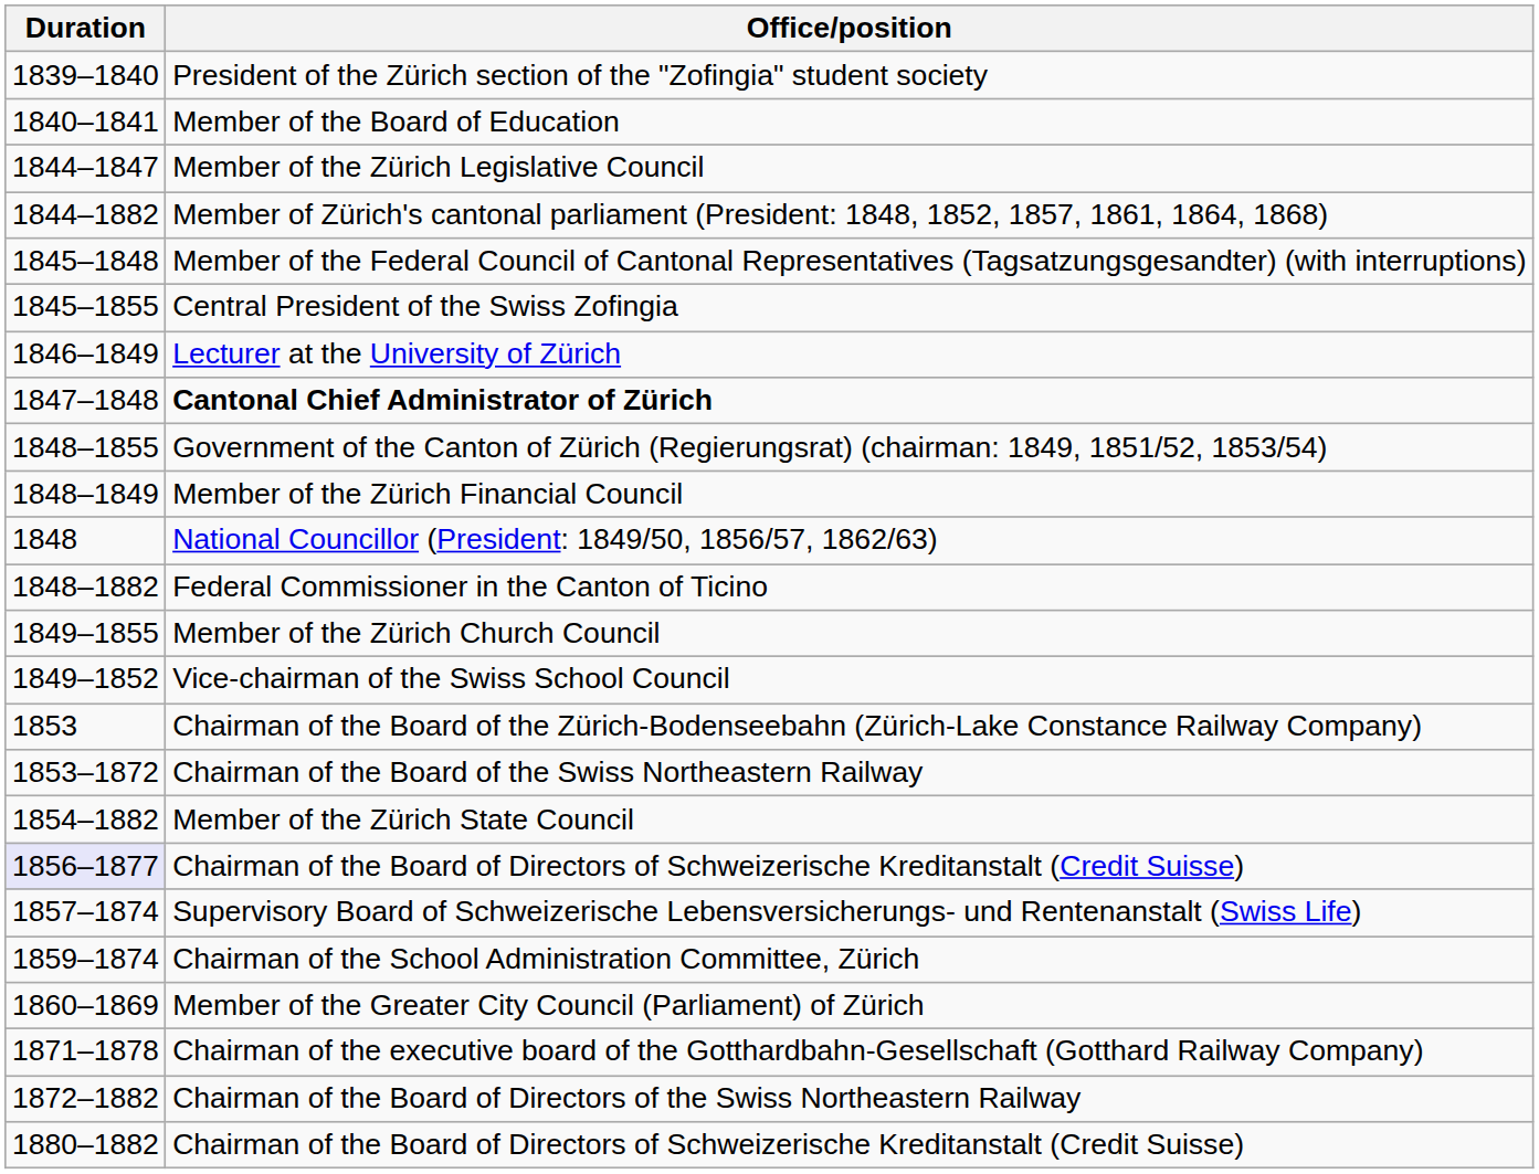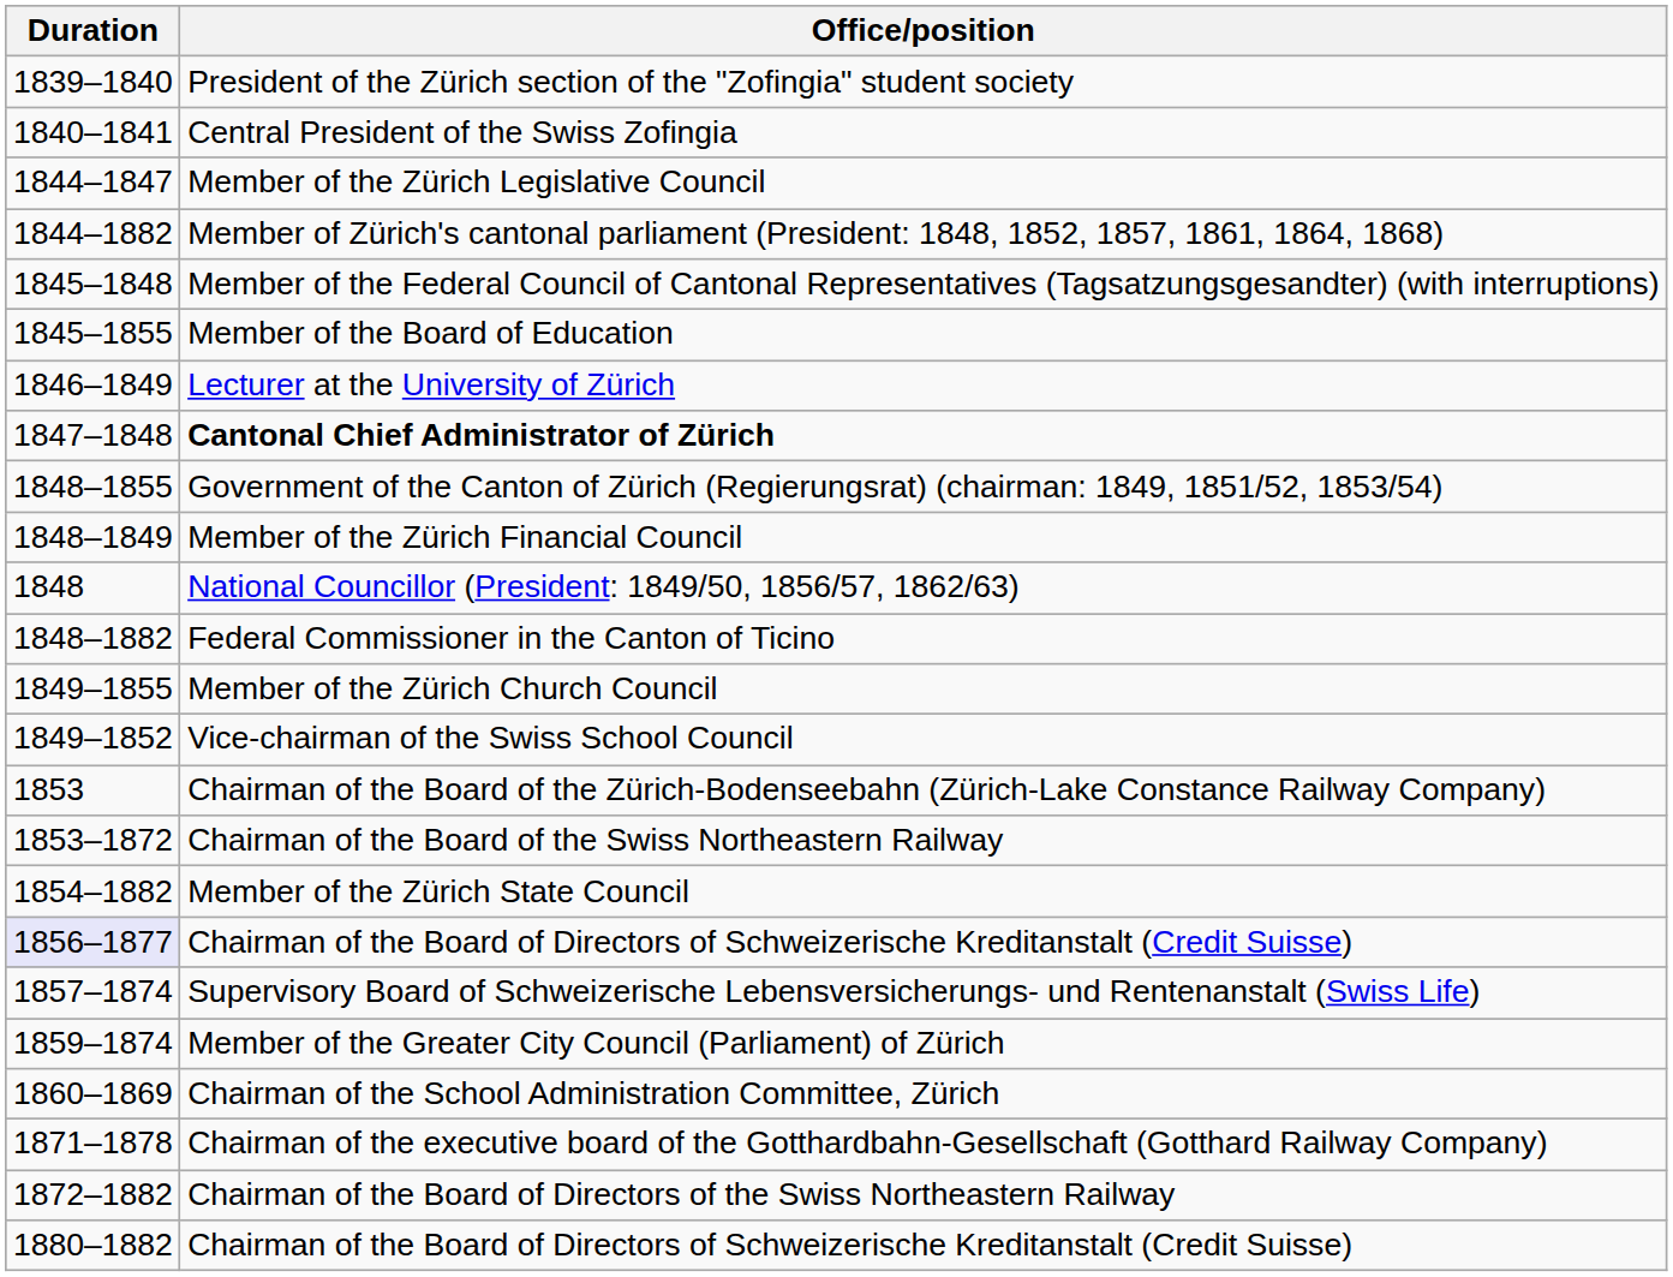 <table class="wikitable">
 <tr>
 <th>Duration</th>
 <th>Office/position</th>
 </tr>
 <tr>
 <td>1839–1840</td>
 <td>President of the Zürich section of the "Zofingia" student society</td>
 </tr>
 <tr>
 <td>1840–1841</td>
-<td>Member of the Board of Education</td>
+<td>Central President of the Swiss Zofingia</td>
 </tr>
 <tr>
 <td>1844–1847</td>
 <td>Member of the Zürich Legislative Council</td>
 </tr>
 <tr>
 <td>1844–1882</td>
 <td>Member of Zürich's cantonal parliament (President: 1848, 1852, 1857, 1861, 1864, 1868)</td>
 </tr>
 <tr>
 <td>1845–1848</td>
 <td>Member of the Federal Council of Cantonal Representatives (Tagsatzungsgesandter) (with interruptions)</td>
 </tr>
 <tr>
 <td>1845–1855</td>
-<td>Central President of the Swiss Zofingia</td>
+<td>Member of the Board of Education</td>
 </tr>
 <tr>
 <td>1846–1849</td>
 <td><a href='#'>Lecturer</a> at the <a href='#'>University of Zürich</a></td>
 </tr>
 <tr>
 <td>1847–1848</td>
 <td><strong>Cantonal Chief Administrator of Zürich</strong></td>
 </tr>
 <tr>
 <td>1848–1855</td>
 <td>Government of the Canton of Zürich (Regierungsrat) (chairman: 1849, 1851/52, 1853/54)</td>
 </tr>
 <tr>
 <td>1848–1849</td>
 <td>Member of the Zürich Financial Council</td>
 </tr>
 <tr>
 <td>1848</td>
 <td><a href='#'>National Councillor</a> (<a href='#'>President</a>: 1849/50, 1856/57, 1862/63)</td>
 </tr>
 <tr>
 <td>1848–1882</td>
 <td>Federal Commissioner in the Canton of Ticino</td>
 </tr>
 <tr>
 <td>1849–1855</td>
 <td>Member of the Zürich Church Council</td>
 </tr>
 <tr>
 <td>1849–1852</td>
 <td>Vice-chairman of the Swiss School Council</td>
 </tr>
 <tr>
 <td>1853</td>
 <td>Chairman of the Board of the Zürich-Bodenseebahn (Zürich-Lake Constance Railway Company)</td>
 </tr>
 <tr>
 <td>1853–1872</td>
 <td>Chairman of the Board of the Swiss Northeastern Railway</td>
 </tr>
 <tr>
 <td>1854–1882</td>
 <td>Member of the Zürich State Council</td>
 </tr>
 <tr>
 <td style="background: lavender;">1856–1877</td>
 <td>Chairman of the Board of Directors of Schweizerische Kreditanstalt (<a href='#'>Credit Suisse</a>)</td>
 </tr>
 <tr>
 <td>1857–1874</td>
 <td>Supervisory Board of Schweizerische Lebensversicherungs- und Rentenanstalt (<a href='#'>Swiss Life</a>)</td>
 </tr>
 <tr>
 <td>1859–1874</td>
-<td>Chairman of the School Administration Committee, Zürich</td>
+<td>Member of the Greater City Council (Parliament) of Zürich</td>
 </tr>
 <tr>
 <td>1860–1869</td>
-<td>Member of the Greater City Council (Parliament) of Zürich</td>
+<td>Chairman of the School Administration Committee, Zürich</td>
 </tr>
 <tr>
 <td>1871–1878</td>
 <td>Chairman of the executive board of the Gotthardbahn-Gesellschaft (Gotthard Railway Company)</td>
 </tr>
 <tr>
 <td>1872–1882</td>
 <td>Chairman of the Board of Directors of the Swiss Northeastern Railway</td>
 </tr>
 <tr>
 <td>1880–1882</td>
 <td>Chairman of the Board of Directors of Schweizerische Kreditanstalt (Credit Suisse)</td>
 </tr>
 </table>
